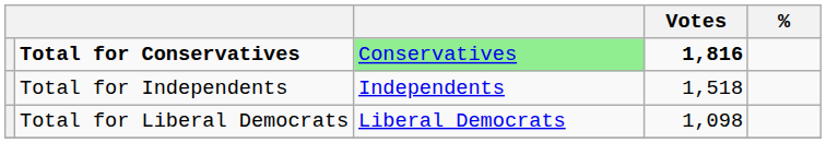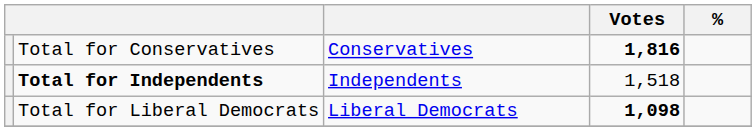 <table class="wikitable">
 <tr>
 <th valign=top colspan="2" style="width: 180px"></th>
 <th valign=top style="width: 180px"></th>
 <th valign=top style="width: 60px">Votes</th>
 <th valign=top style="width: 40px">%</th>
 </tr>
 <tr>
 <th style="background-color: "></th>
-<td><strong>Total for Conservatives</strong></td>
-<td style="background: lightgreen;"><a href='#'>Conservatives</a></td>
+<td>Total for Conservatives</td>
+<td><a href='#'>Conservatives</a></td>
 <td align="right"><strong>1,816</strong></td>
 <td align="right"></td>
 </tr>
 <tr>
 <th style="background-color: "></th>
-<td>Total for Independents</td>
+<td><strong>Total for Independents</strong></td>
 <td><a href='#'>Independents</a></td>
 <td align="right">1,518</td>
 <td align="right"></td>
 </tr>
 <tr>
 <th style="background-color: "></th>
 <td>Total for Liberal Democrats</td>
 <td><a href='#'>Liberal Democrats</a></td>
-<td align="right">1,098</td>
+<td align="right"><strong>1,098</strong></td>
 <td align="right"></td>
 </tr>
 <tr>
 </tr>
 </table>
